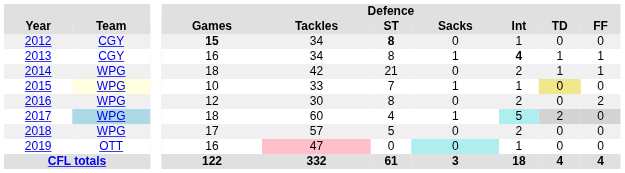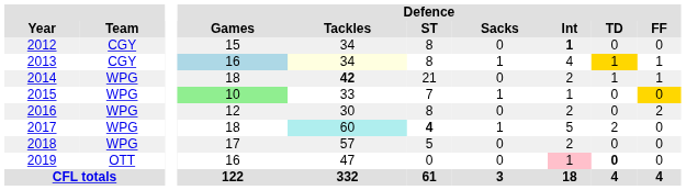 <table BORDER="0" CELLPADDING="1" CELLSPACING="0" width="65%" style="text-align:center">
 <tr bgcolor="#e0e0e0">
 <th colspan="2"></th>
 <th rowspan="101" bgcolor="#ffffff"> </th>
 <th colspan="7">Defence</th>
 </tr>
 <tr bgcolor="#e0e0e0">
 <th>Year</th>
 <th>Team</th>
 <th>Games</th>
 <th>Tackles</th>
 <th>ST</th>
 <th>Sacks</th>
 <th>Int</th>
 <th>TD</th>
 <th>FF</th>
 </tr>
 <tr ALIGN="center" bgcolor="#f0f0f0">
 <td><a href='#'>2012</a></td>
 <td><a href='#'>CGY</a></td>
-<td><strong>15</strong></td>
+<td>15</td>
 <td>34</td>
-<td><strong>8</strong></td>
+<td>8</td>
 <td>0</td>
-<td>1</td>
+<td><strong>1</strong></td>
 <td>0</td>
 <td>0</td>
 </tr>
 <tr>
 <td><a href='#'>2013</a></td>
 <td><a href='#'>CGY</a></td>
-<td>16</td>
-<td>34</td>
+<td style="background: lightblue;">16</td>
+<td style="background: lightyellow;">34</td>
 <td>8</td>
 <td>1</td>
-<td><strong>4</strong></td>
-<td>1</td>
+<td>4</td>
+<td style="background: gold;">1</td>
 <td>1</td>
 </tr>
 <tr ALIGN="center" bgcolor="#f0f0f0">
 <td><a href='#'>2014</a></td>
 <td><a href='#'>WPG</a></td>
 <td>18</td>
-<td>42</td>
+<td><strong>42</strong></td>
 <td>21</td>
 <td>0</td>
 <td>2</td>
 <td>1</td>
 <td>1</td>
 </tr>
 <tr>
 <td><a href='#'>2015</a></td>
-<td style="background: lightyellow;"><a href='#'>WPG</a></td>
-<td>10</td>
+<td><a href='#'>WPG</a></td>
+<td style="background: lightgreen;">10</td>
 <td>33</td>
 <td>7</td>
 <td>1</td>
 <td>1</td>
-<td style="background: khaki;">0</td>
 <td>0</td>
+<td style="background: gold;">0</td>
 </tr>
 <tr ALIGN="center" bgcolor="#f0f0f0">
 <td><a href='#'>2016</a></td>
 <td><a href='#'>WPG</a></td>
 <td>12</td>
 <td>30</td>
 <td>8</td>
 <td>0</td>
 <td>2</td>
 <td>0</td>
 <td>2</td>
 </tr>
 <tr>
 <td><a href='#'>2017</a></td>
-<td style="background: lightblue;"><a href='#'>WPG</a></td>
+<td><a href='#'>WPG</a></td>
 <td>18</td>
-<td>60</td>
-<td>4</td>
+<td style="background: paleturquoise;">60</td>
+<td><strong>4</strong></td>
 <td>1</td>
-<td style="background: paleturquoise;">5</td>
-<td style="background: lightgrey;">2</td>
-<td style="background: lightgrey;">0</td>
+<td>5</td>
+<td>2</td>
+<td>0</td>
 </tr>
 <tr>
 </tr>
 <tr ALIGN="center" bgcolor="#f0f0f0">
 <td><a href='#'>2018</a></td>
 <td><a href='#'>WPG</a></td>
 <td>17</td>
 <td>57</td>
 <td>5</td>
 <td>0</td>
 <td>2</td>
 <td>0</td>
 <td>0</td>
 </tr>
 <tr>
 <td><a href='#'>2019</a></td>
 <td><a href='#'>OTT</a></td>
 <td>16</td>
-<td style="background: pink;">47</td>
+<td>47</td>
 <td>0</td>
-<td style="background: paleturquoise;">0</td>
-<td>1</td>
 <td>0</td>
+<td style="background: pink;">1</td>
+<td><strong>0</strong></td>
 <td>0</td>
 </tr>
 <tr bgcolor="#e0e0e0">
 <th colspan="2"><a href='#'>CFL totals</a></th>
 <th>122</th>
 <th>332</th>
 <th>61</th>
 <th>3</th>
 <th>18</th>
 <th>4</th>
 <th>4</th>
 </tr>
 </table>
